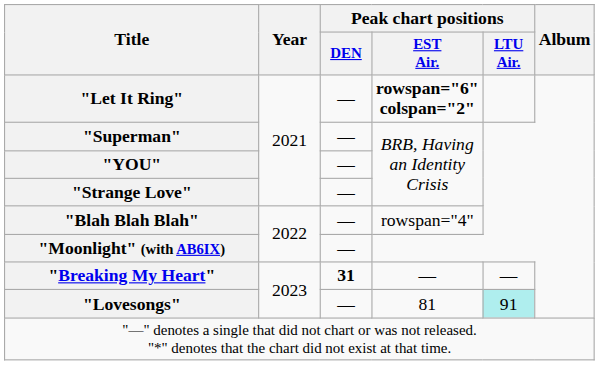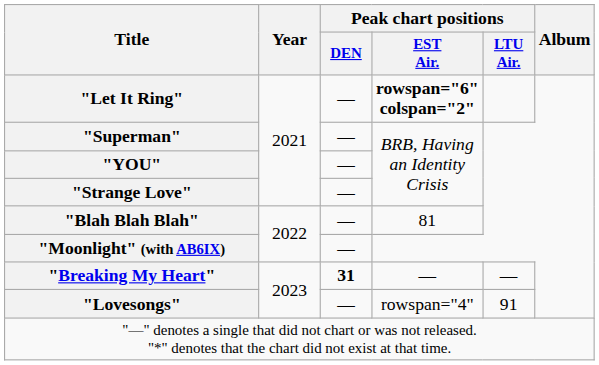 <table class="wikitable plainrowheaders" style="text-align:center;">
 <tr>
 <th scope="col" rowspan="2" style="width:14em;">Title</th>
 <th scope="col" rowspan="2" style="width:3em;">Year</th>
 <th colspan="3">Peak chart positions</th>
 <th rowspan="2">Album</th>
 </tr>
 <tr>
 <th scope="col" style="width:3em;font-size:85%;"><a href='#'>DEN</a><br></th>
 <th scope="col" style="width:3em;font-size:85%;"><a href='#'>EST<br>Air.</a><br></th>
 <th scope="col" style="width:3em;font-size:85%;"><a href='#'>LTU<br>Air.</a><br></th>
 </tr>
 <tr>
 <th scope="row">"Let It Ring"</th>
 <td rowspan="4">2021</td>
 <td>—</td>
 <td><strong>rowspan="6" colspan="2" </strong></td>
 <td></td>
 </tr>
 <tr>
 <th scope="row">"Superman"</th>
 <td>—</td>
 <td rowspan="3"><em>BRB, Having an Identity Crisis</em></td>
 </tr>
 <tr>
 <th scope="row">"YOU"</th>
 <td>—</td>
 </tr>
 <tr>
 <th scope="row">"Strange Love"</th>
 <td>—</td>
 </tr>
 <tr>
 <th scope="row">"Blah Blah Blah"</th>
 <td rowspan="2">2022</td>
 <td>—</td>
-<td>rowspan="4" </td>
+<td>81</td>
 </tr>
 <tr>
 <th scope="row">"Moonlight" <small>(with <a href='#'>AB6IX</a>)</small></th>
 <td>—</td>
 </tr>
 <tr>
 <th scope="row">"<a href='#'>Breaking My Heart</a>"</th>
 <td rowspan="2">2023</td>
 <td><strong>31</strong></td>
 <td>—</td>
 <td>—</td>
 </tr>
 <tr>
 <th scope="row">"Lovesongs"</th>
 <td>—</td>
-<td>81</td>
-<td style="background: paleturquoise;">91</td>
+<td>rowspan="4" </td>
+<td>91</td>
 </tr>
 <tr>
 <td colspan="6" style="text-align:center; font-size:85%;">"—" denotes a single that did not chart or was not released.<br>"*" denotes that the chart did not exist at that time.</td>
 </tr>
 </table>
